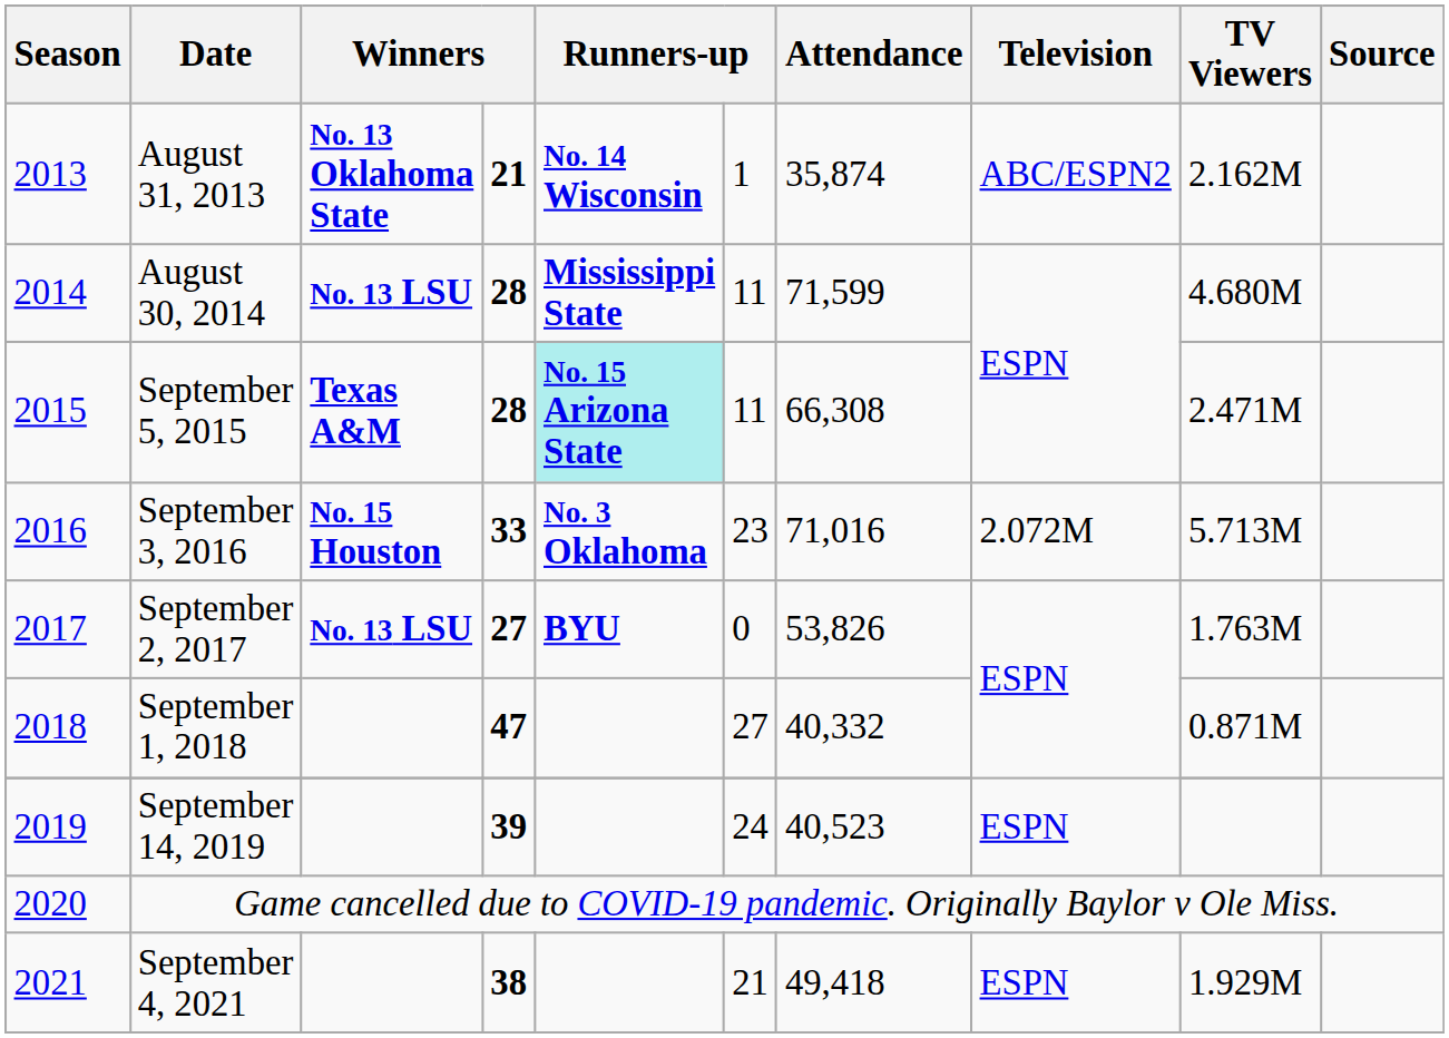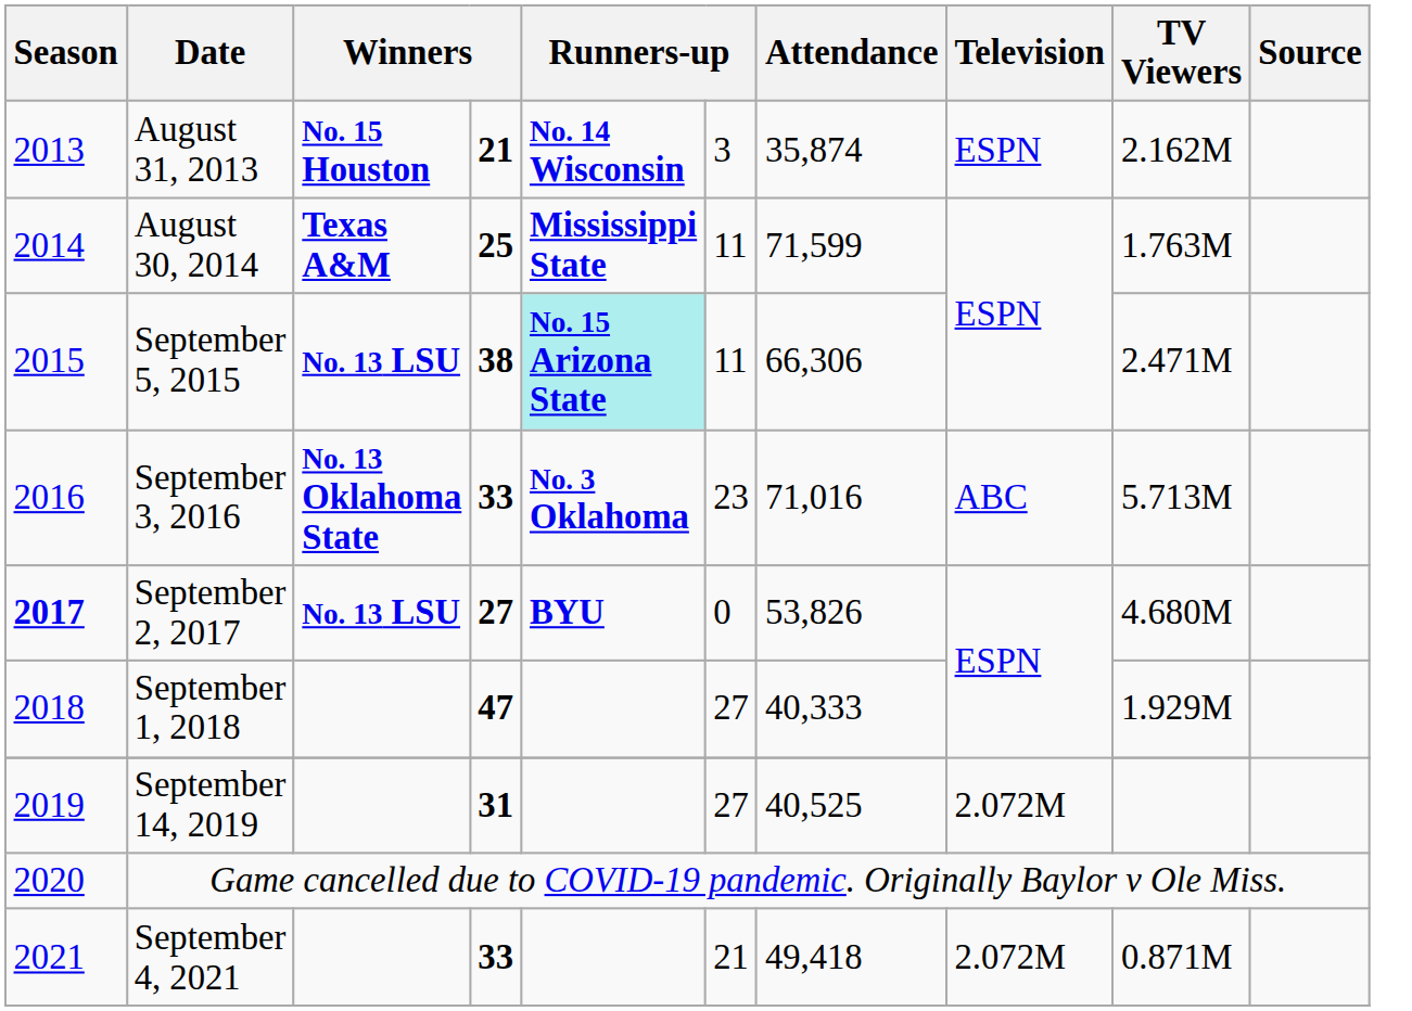 <table class=wikitable>
 <tr>
 <th>Season</th>
 <th>Date</th>
 <th colspan=2>Winners</th>
 <th colspan=2>Runners-up</th>
 <th>Attendance</th>
 <th>Television</th>
 <th>TV Viewers</th>
 <th>Source</th>
 </tr>
 <tr>
 <td><a href='#'>2013</a></td>
 <td>August 31, 2013</td>
-<td><strong><a href='#'><span><small>No. 13</small> Oklahoma State</span></a></strong></td>
+<td><strong><a href='#'><span><small>No. 15</small> Houston</span></a></strong></td>
 <td><strong>21</strong></td>
 <td><strong><a href='#'><span><small>No. 14</small> Wisconsin</span></a></strong></td>
-<td>1</td>
+<td>3</td>
 <td>35,874</td>
-<td><a href='#'>ABC/ESPN2</a></td>
+<td><a href='#'>ESPN</a></td>
 <td>2.162M</td>
 <td></td>
 </tr>
 <tr>
 <td><a href='#'>2014</a></td>
 <td>August 30, 2014</td>
-<td><strong><a href='#'><span><small>No. 13</small> LSU</span></a></strong></td>
-<td><strong>28</strong></td>
+<td><strong><a href='#'><span>Texas A&M</span></a></strong></td>
+<td><strong>25</strong></td>
 <td><strong><a href='#'><span>Mississippi State</span></a></strong></td>
 <td>11</td>
 <td>71,599</td>
 <td rowspan=2><a href='#'>ESPN</a></td>
-<td>4.680M</td>
+<td>1.763M</td>
 <td></td>
 </tr>
 <tr>
 <td><a href='#'>2015</a></td>
 <td>September 5, 2015</td>
-<td><strong><a href='#'><span>Texas A&M</span></a></strong></td>
-<td><strong>28</strong></td>
+<td><strong><a href='#'><span><small>No. 13</small> LSU</span></a></strong></td>
+<td><strong>38</strong></td>
 <td style="background: paleturquoise;"><strong><a href='#'><span><small>No. 15</small> Arizona State</span></a></strong></td>
 <td>11</td>
-<td>66,308</td>
+<td>66,306</td>
 <td>2.471M</td>
 <td></td>
 </tr>
 <tr>
 <td><a href='#'>2016</a></td>
 <td>September 3, 2016</td>
-<td><strong><a href='#'><span><small>No. 15</small> Houston</span></a></strong></td>
+<td><strong><a href='#'><span><small>No. 13</small> Oklahoma State</span></a></strong></td>
 <td><strong>33</strong></td>
 <td><strong><a href='#'><span><small>No. 3</small> Oklahoma</span></a></strong></td>
 <td>23</td>
 <td>71,016</td>
-<td>2.072M</td>
+<td><a href='#'>ABC</a></td>
 <td>5.713M</td>
 <td></td>
 </tr>
 <tr>
-<td><a href='#'>2017</a></td>
+<td><strong><a href='#'>2017</a></strong></td>
 <td>September 2, 2017</td>
 <td><strong><a href='#'><span><small>No. 13</small> LSU</span></a></strong></td>
 <td><strong>27</strong></td>
 <td><small></small> <strong><a href='#'><span>BYU</span></a></strong></td>
 <td>0</td>
 <td>53,826</td>
 <td rowspan=3><a href='#'>ESPN</a></td>
-<td>1.763M</td>
+<td>4.680M</td>
 <td></td>
 </tr>
 <tr>
 <td><a href='#'>2018</a></td>
 <td>September 1, 2018</td>
 <td style=><strong><a href='#'></a></strong></td>
 <td><strong>47</strong></td>
 <td style=><strong><a href='#'></a></strong></td>
 <td>27</td>
-<td>40,332</td>
-<td>0.871M</td>
+<td>40,333</td>
+<td>1.929M</td>
 <td></td>
 </tr>
 <tr>
 </tr>
 <tr>
 <td><a href='#'>2019</a></td>
 <td>September 14, 2019</td>
 <td style=><strong><a href='#'></a></strong></td>
-<td><strong>39</strong></td>
+<td><strong>31</strong></td>
 <td style=><small></small> <strong><a href='#'></a></strong></td>
-<td>24</td>
-<td>40,523</td>
-<td><a href='#'>ESPN</a></td>
+<td>27</td>
+<td>40,525</td>
+<td>2.072M</td>
 <td></td>
 </tr>
 <tr>
 <td><a href='#'>2020</a></td>
 <td colspan=9 style="text-align:center"><em>Game cancelled due to <a href='#'>COVID-19 pandemic</a>. Originally Baylor v Ole Miss.</td>
 </tr>
 <tr>
 <td><a href='#'>2021</a></td>
 <td>September 4, 2021</td>
 <td style=><strong><a href='#'></a></strong></td>
-<td><strong>38</strong></td>
+<td><strong>33</strong></td>
 <td style=><strong><a href='#'></a></strong></td>
 <td>21</td>
 <td>49,418</td>
-<td><a href='#'>ESPN</a></td>
-<td>1.929M</td>
+<td>2.072M</td>
+<td>0.871M</td>
 <td></td>
 </tr>
 <tr>
 </tr>
 </table>
